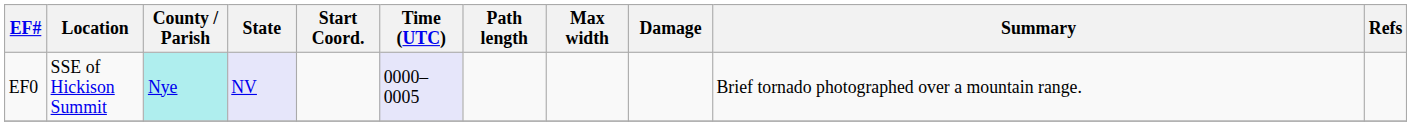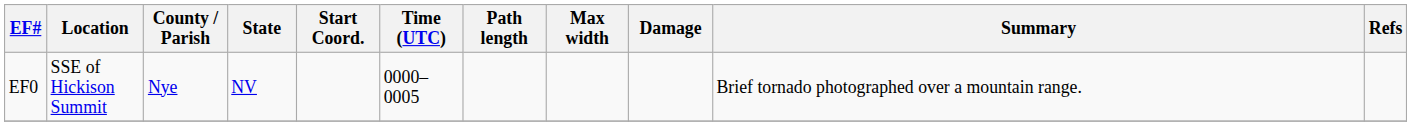 <table class="wikitable sortable" style="width:100%;">
 <tr>
 <th scope="col" width="3%" align="center"><a href='#'>EF#</a></th>
 <th scope="col" width="7%" align="center" class="unsortable">Location</th>
 <th scope="col" width="6%" align="center" class="unsortable">County / Parish</th>
 <th scope="col" width="5%" align="center">State</th>
 <th scope="col" width="6%" align="center">Start Coord.</th>
 <th scope="col" width="6%" align="center">Time (<a href='#'>UTC</a>)</th>
 <th scope="col" width="6%" align="center">Path length</th>
 <th scope="col" width="6%" align="center">Max width</th>
 <th scope="col" width="6%" align="center">Damage</th>
 <th scope="col" width="48%" class="unsortable" align="center">Summary</th>
 <th scope="col" width="48%" class="unsortable" align="center">Refs</th>
 </tr>
 <tr>
 <td>EF0</td>
 <td>SSE of <a href='#'>Hickison Summit</a></td>
-<td style="background: paleturquoise;"><a href='#'>Nye</a></td>
-<td style="background: lavender;"><a href='#'>NV</a></td>
+<td><a href='#'>Nye</a></td>
+<td><a href='#'>NV</a></td>
 <td></td>
-<td style="background: lavender;">0000–0005</td>
+<td>0000–0005</td>
 <td></td>
 <td></td>
 <td></td>
 <td>Brief tornado photographed over a mountain range.</td>
 <td></td>
 </tr>
 <tr>
 </tr>
 </table>
